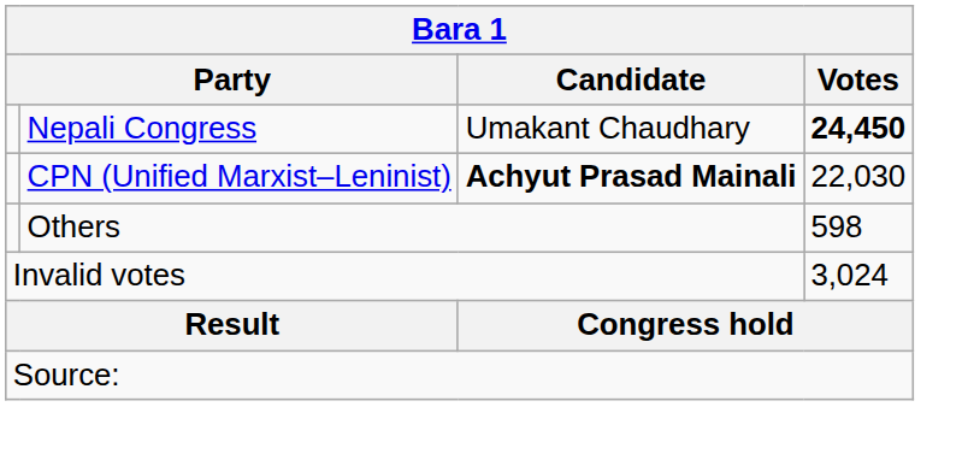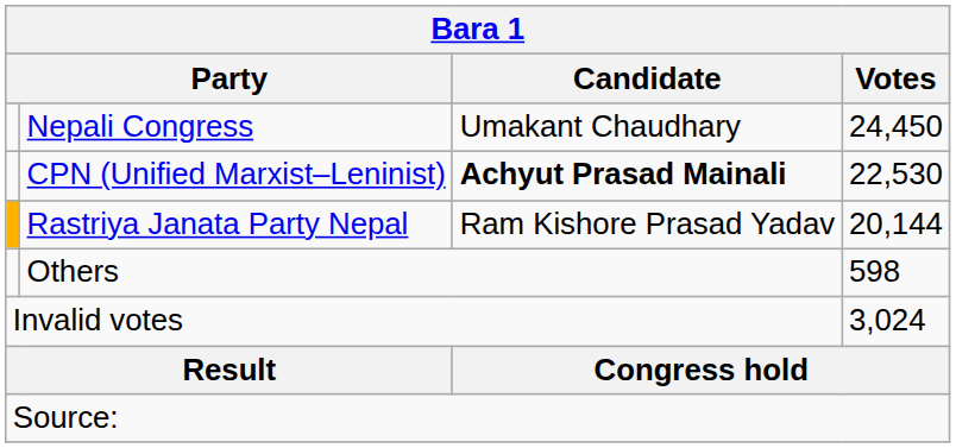 <table class="wikitable">
 <tr>
 <th colspan="4"><a href='#'>Bara 1</a></th>
 </tr>
 <tr>
 <th colspan="2">Party</th>
 <th>Candidate</th>
 <th>Votes</th>
 </tr>
 <tr>
 <td style="background-color:"></td>
 <td><a href='#'>Nepali Congress</a></td>
 <td>Umakant Chaudhary</td>
-<td><strong>24,450</strong></td>
+<td>24,450</td>
 </tr>
 <tr>
 <td style="background-color:"></td>
 <td><a href='#'>CPN (Unified Marxist–Leninist)</a></td>
 <td><strong>Achyut Prasad Mainali</strong></td>
-<td>22,030</td>
+<td>22,530</td>
+</tr>
+<tr>
+<td style="background-color:#ffb300"></td>
+<td><a href='#'>Rastriya Janata Party Nepal</a></td>
+<td>Ram Kishore Prasad Yadav</td>
+<td>20,144</td>
 </tr>
 <tr>
 <td></td>
 <td colspan="2">Others</td>
 <td>598</td>
 </tr>
 <tr>
 <td colspan="3">Invalid votes</td>
 <td>3,024</td>
 </tr>
 <tr>
 <th colspan="2">Result</th>
 <th colspan="2">Congress hold</th>
 </tr>
 <tr>
 <td colspan="4">Source: </td>
 </tr>
 </table>
